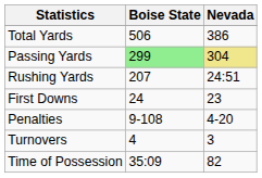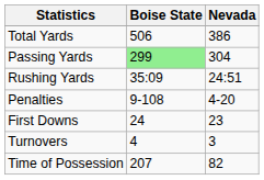 <table class="wikitable">
 <tr>
 <th>Statistics</th>
 <th>Boise State</th>
 <th>Nevada</th>
 </tr>
 <tr>
 </tr>
 <tr>
 <td>Total Yards</td>
 <td>506</td>
 <td>386</td>
 </tr>
 <tr>
 <td>Passing Yards</td>
 <td style="background: lightgreen;">299</td>
-<td style="background: khaki;">304</td>
+<td>304</td>
 </tr>
 <tr>
 <td>Rushing Yards</td>
-<td>207</td>
+<td>35:09</td>
 <td>24:51</td>
+</tr>
+<tr>
+<td>Penalties</td>
+<td>9-108</td>
+<td>4-20</td>
 </tr>
 <tr>
 <td>First Downs</td>
 <td>24</td>
 <td>23</td>
-</tr>
-<tr>
-<td>Penalties</td>
-<td>9-108</td>
-<td>4-20</td>
 </tr>
 <tr>
 <td>Turnovers</td>
 <td>4</td>
 <td>3</td>
 </tr>
 <tr>
 <td>Time of Possession</td>
-<td>35:09</td>
+<td>207</td>
 <td>82</td>
 </tr>
 </table>
